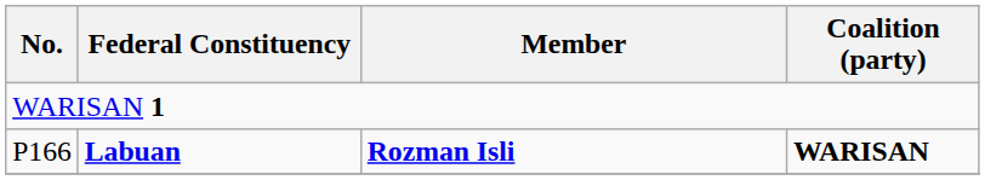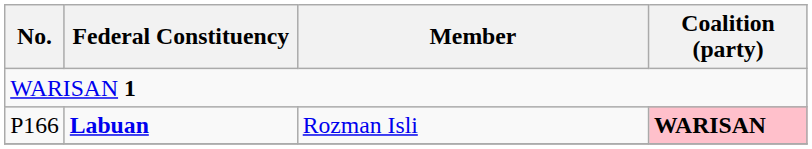 <table class="wikitable sortable">
 <tr>
 <th style="width:30px;">No.</th>
 <th style="width:150px;">Federal Constituency</th>
 <th style="width:230px;">Member</th>
 <th style="width:100px;">Coalition (party)</th>
 </tr>
 <tr>
 <td colspan="4"><a href='#'>WARISAN</a> <strong>1</strong></td>
 </tr>
 <tr>
 <td>P166</td>
 <td><strong><a href='#'>Labuan</a></strong></td>
-<td><strong><a href='#'>Rozman Isli</a></strong></td>
-<td><strong>WARISAN</strong></td>
+<td><a href='#'>Rozman Isli</a></td>
+<td style="background: pink;"><strong>WARISAN</strong></td>
 </tr>
 <tr>
 </tr>
 </table>
